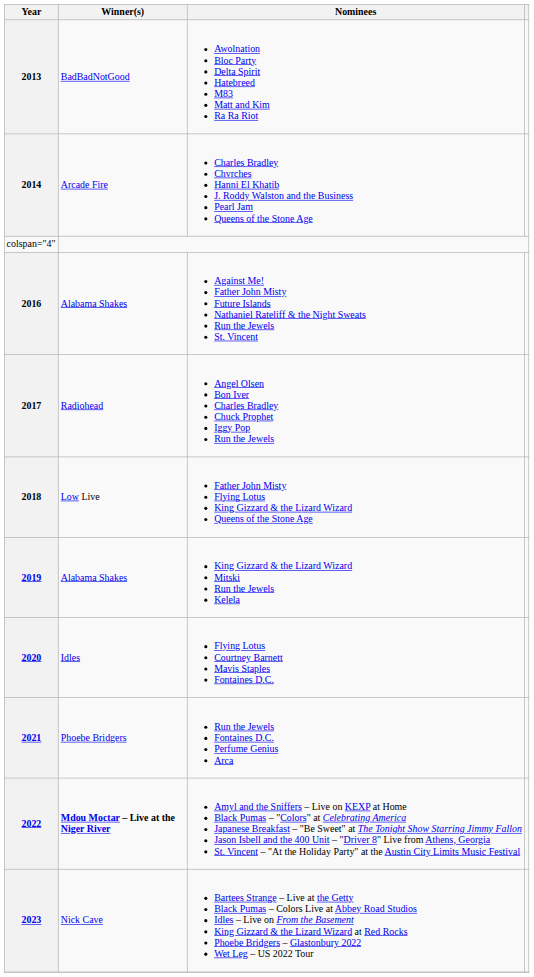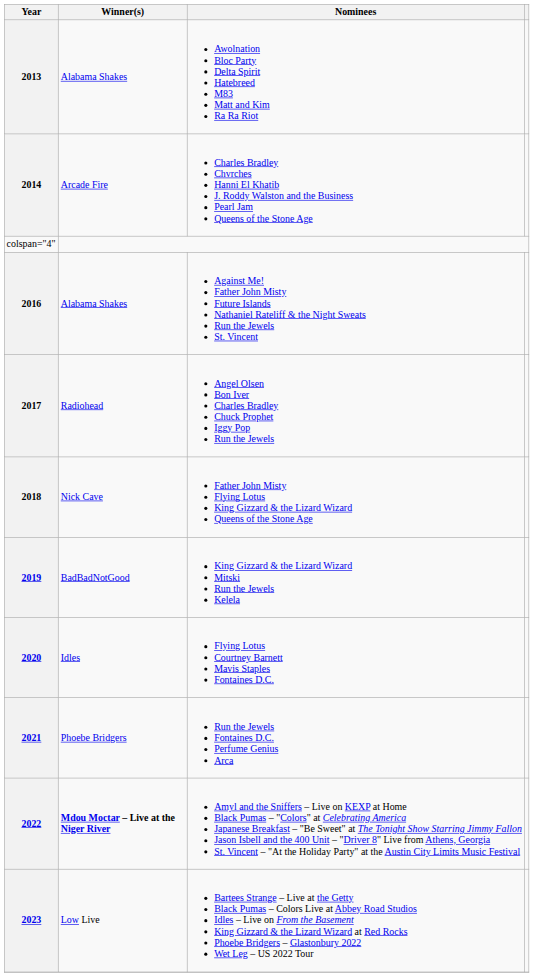 <table class="wikitable sortable">
 <tr>
 <th scope="col" style="width:5em;">Year</th>
 <th scope="col" style="width:200px;">Winner(s)</th>
 <th scope="col" class="unsortable">Nominees</th>
 <th scope="col" class="unsortable"></th>
 </tr>
 <tr>
 <th scope="row">2013</th>
-<td><a href='#'>BadBadNotGood</a></td>
+<td><a href='#'>Alabama Shakes</a></td>
 <td><br><ul><li><a href='#'>Awolnation</a></li><li><a href='#'>Bloc Party</a></li><li><a href='#'>Delta Spirit</a></li><li><a href='#'>Hatebreed</a></li><li><a href='#'>M83</a></li><li><a href='#'>Matt and Kim</a></li><li><a href='#'>Ra Ra Riot</a></li></ul></td>
 <td align="center"></td>
 </tr>
 <tr>
 <th scope="row">2014</th>
 <td><a href='#'>Arcade Fire</a></td>
 <td><br><ul><li><a href='#'>Charles Bradley</a></li><li><a href='#'>Chvrches</a></li><li><a href='#'>Hanni El Khatib</a></li><li><a href='#'>J. Roddy Walston and the Business</a></li><li><a href='#'>Pearl Jam</a></li><li><a href='#'>Queens of the Stone Age</a></li></ul></td>
 <td align="center"></td>
 </tr>
 <tr>
 <td>colspan="4" </td>
 </tr>
 <tr>
 <th scope="row">2016</th>
 <td><a href='#'>Alabama Shakes</a></td>
 <td><br><ul><li><a href='#'>Against Me!</a></li><li><a href='#'>Father John Misty</a></li><li><a href='#'>Future Islands</a></li><li><a href='#'>Nathaniel Rateliff & the Night Sweats</a></li><li><a href='#'>Run the Jewels</a></li><li><a href='#'>St. Vincent</a></li></ul></td>
 <td align="center"></td>
 </tr>
 <tr>
 <th scope="row">2017</th>
 <td><a href='#'>Radiohead</a></td>
 <td><br><ul><li><a href='#'>Angel Olsen</a></li><li><a href='#'>Bon Iver</a></li><li><a href='#'>Charles Bradley</a></li><li><a href='#'>Chuck Prophet</a></li><li><a href='#'>Iggy Pop</a></li><li><a href='#'>Run the Jewels</a></li></ul></td>
 <td align="center"></td>
 </tr>
 <tr>
 <th scope="row">2018</th>
-<td><a href='#'>Low</a> Live</td>
+<td><a href='#'>Nick Cave</a></td>
 <td><br><ul><li><a href='#'>Father John Misty</a></li><li><a href='#'>Flying Lotus</a></li><li><a href='#'>King Gizzard & the Lizard Wizard</a></li><li><a href='#'>Queens of the Stone Age</a></li></ul></td>
 <td align="center"></td>
 </tr>
 <tr>
 <th scope="row"><a href='#'>2019</a></th>
-<td><a href='#'>Alabama Shakes</a></td>
+<td><a href='#'>BadBadNotGood</a></td>
 <td><br><ul><li><a href='#'>King Gizzard & the Lizard Wizard</a></li><li><a href='#'>Mitski</a></li><li><a href='#'>Run the Jewels</a></li><li><a href='#'>Kelela</a></li></ul></td>
 <td align="center"></td>
 </tr>
 <tr>
 <th scope="row"><a href='#'>2020</a></th>
 <td><a href='#'>Idles</a></td>
 <td><br><ul><li><a href='#'>Flying Lotus</a></li><li><a href='#'>Courtney Barnett</a></li><li><a href='#'>Mavis Staples</a></li><li><a href='#'>Fontaines D.C.</a></li></ul></td>
 <td align="center"></td>
 </tr>
 <tr>
 <th scope="row"><a href='#'>2021</a></th>
 <td><a href='#'>Phoebe Bridgers</a></td>
 <td><br><ul><li><a href='#'>Run the Jewels</a></li><li><a href='#'>Fontaines D.C.</a></li><li><a href='#'>Perfume Genius</a></li><li><a href='#'>Arca</a></li></ul></td>
 <td align="center"></td>
 </tr>
 <tr>
 <th scope="row"><a href='#'>2022</a></th>
 <td><strong><a href='#'>Mdou Moctar</a> – Live at the <a href='#'>Niger River</a></strong></td>
 <td><br><ul><li><a href='#'>Amyl and the Sniffers</a> – Live on <a href='#'>KEXP</a> at Home</li><li><a href='#'>Black Pumas</a> – "<a href='#'>Colors</a>" at <em><a href='#'>Celebrating America</a></em></li><li><a href='#'>Japanese Breakfast</a> – "Be Sweet" at <em><a href='#'>The Tonight Show Starring Jimmy Fallon</a></em></li><li><a href='#'>Jason Isbell and the 400 Unit</a> – "<a href='#'>Driver 8</a>" Live from <a href='#'>Athens, Georgia</a></li><li><a href='#'>St. Vincent</a> – "At the Holiday Party" at the <a href='#'>Austin City Limits Music Festival</a></li></ul></td>
 <td align="center"></td>
 </tr>
 <tr>
 <th scope="row"><a href='#'>2023</a></th>
-<td><a href='#'>Nick Cave</a></td>
+<td><a href='#'>Low</a> Live</td>
 <td><br><ul><li><a href='#'>Bartees Strange</a> – Live at <a href='#'>the Getty</a></li><li><a href='#'>Black Pumas</a> – Colors Live at <a href='#'>Abbey Road Studios</a></li><li><a href='#'>Idles</a> – Live on <em><a href='#'>From the Basement</a></em></li><li><a href='#'>King Gizzard & the Lizard Wizard</a> at <a href='#'>Red Rocks</a></li><li><a href='#'>Phoebe Bridgers</a> – <a href='#'>Glastonbury 2022</a></li><li><a href='#'>Wet Leg</a> – US 2022 Tour</li></ul></td>
 <td align="center"><br></td>
 </tr>
 <tr>
 </tr>
 </table>
